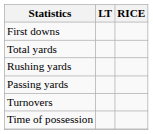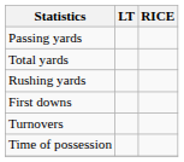 <table class="wikitable" style="float: left;">
 <tr>
 <th>Statistics</th>
 <th>LT</th>
 <th>RICE</th>
 </tr>
 <tr>
-<td>First downs</td>
+<td>Passing yards</td>
 <td></td>
 <td></td>
 </tr>
 <tr>
 <td>Total yards</td>
 <td></td>
 <td></td>
 </tr>
 <tr>
 <td>Rushing yards</td>
 <td></td>
 <td></td>
 </tr>
 <tr>
-<td>Passing yards</td>
+<td>First downs</td>
 <td></td>
 <td></td>
 </tr>
 <tr>
 <td>Turnovers</td>
 <td></td>
 <td></td>
 </tr>
 <tr>
 <td>Time of possession</td>
 <td></td>
 <td></td>
 </tr>
 <tr>
 </tr>
 </table>
